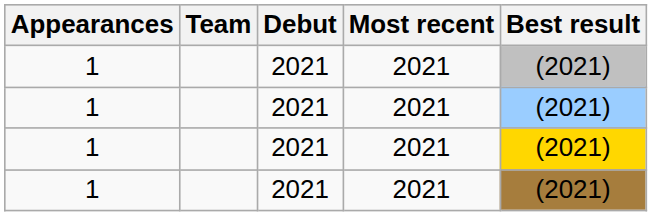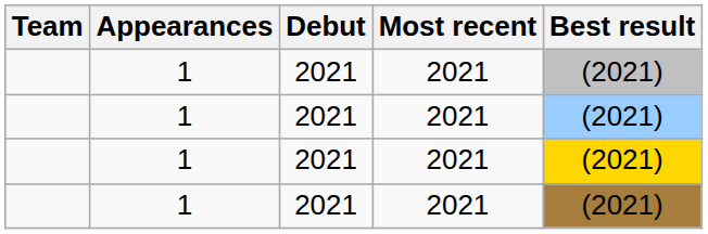 <table class="wikitable sortable" style="text-align: center">
 <tr>
+<th>Team</th>
 <th>Appearances</th>
-<th>Team</th>
 <th>Debut</th>
 <th>Most recent</th>
 <th>Best result</th>
 </tr>
 <tr>
+<td align=left></td>
 <td>1</td>
-<td align=left></td>
 <td>2021</td>
 <td>2021</td>
 <td bgcolor=silver> (2021)</td>
 </tr>
 <tr>
+<td align=left></td>
 <td>1</td>
-<td align=left></td>
 <td>2021</td>
 <td>2021</td>
 <td style="background:#9acdff;"> (2021)</td>
 </tr>
 <tr>
+<td align=left></td>
 <td>1</td>
-<td align=left></td>
 <td>2021</td>
 <td>2021</td>
 <td bgcolor=gold> (2021)</td>
 </tr>
 <tr>
+<td align=left></td>
 <td>1</td>
-<td align=left></td>
 <td>2021</td>
 <td>2021</td>
 <td style="background:#a67d3d;"> (2021)</td>
 </tr>
 </table>
